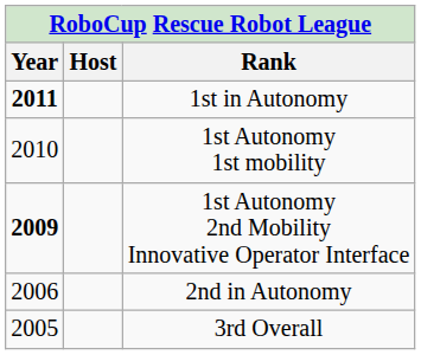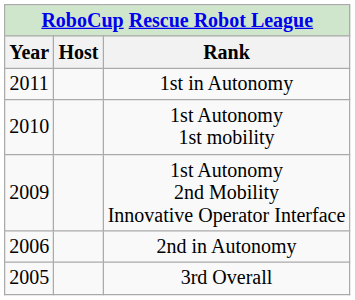 <table class="wikitable" style="text-align:center">
 <tr>
 <th colspan="5" style="width:100%; background:#d0e6cc;"><a href='#'>RoboCup</a> <a href='#'>Rescue Robot League</a></th>
 </tr>
 <tr>
 <th>Year</th>
 <th>Host</th>
 <th>Rank</th>
 </tr>
 <tr>
-<td><strong>2011</strong></td>
+<td>2011</td>
 <td></td>
 <td>1st in Autonomy</td>
 </tr>
 <tr>
 <td>2010</td>
 <td></td>
 <td>1st Autonomy<br> 1st mobility</td>
 </tr>
 <tr>
-<td><strong>2009</strong></td>
+<td>2009</td>
 <td></td>
 <td>1st Autonomy<br> 2nd Mobility<br>  Innovative Operator Interface</td>
 </tr>
 <tr>
 <td>2006</td>
 <td></td>
 <td>2nd in Autonomy</td>
 </tr>
 <tr>
 <td>2005</td>
 <td></td>
 <td>3rd Overall</td>
 </tr>
 </table>
